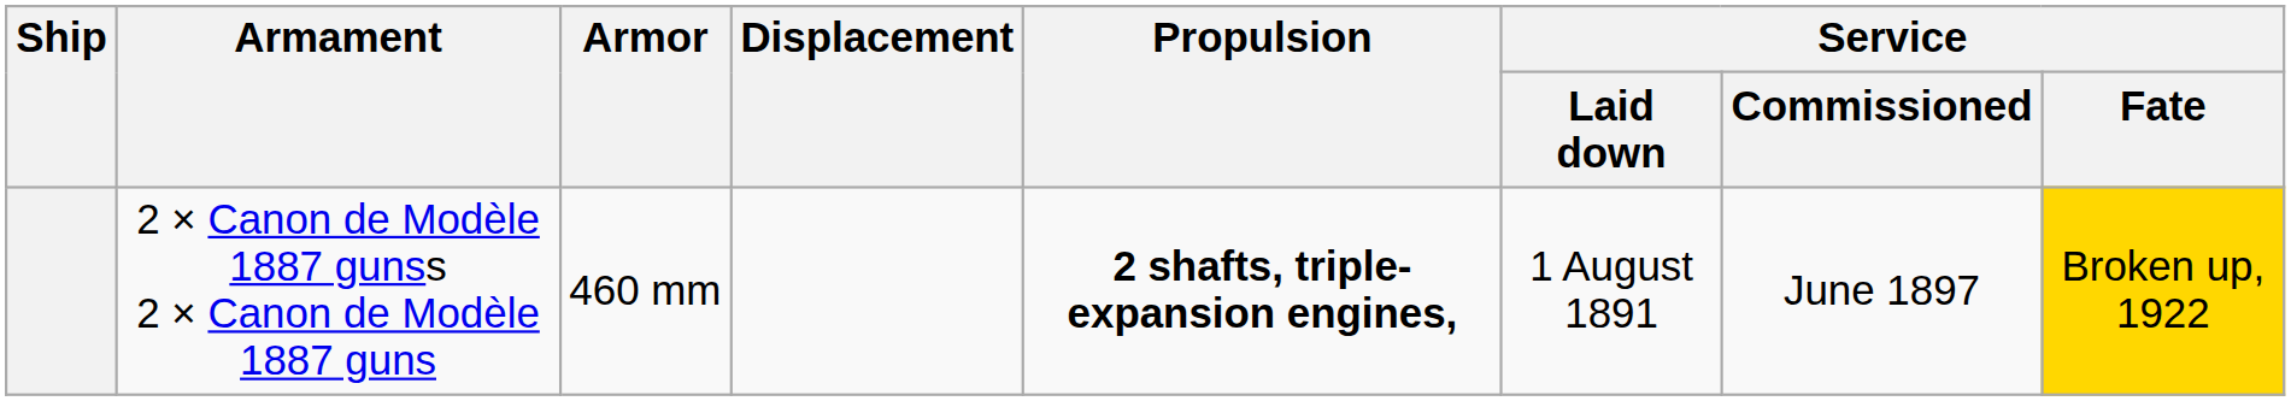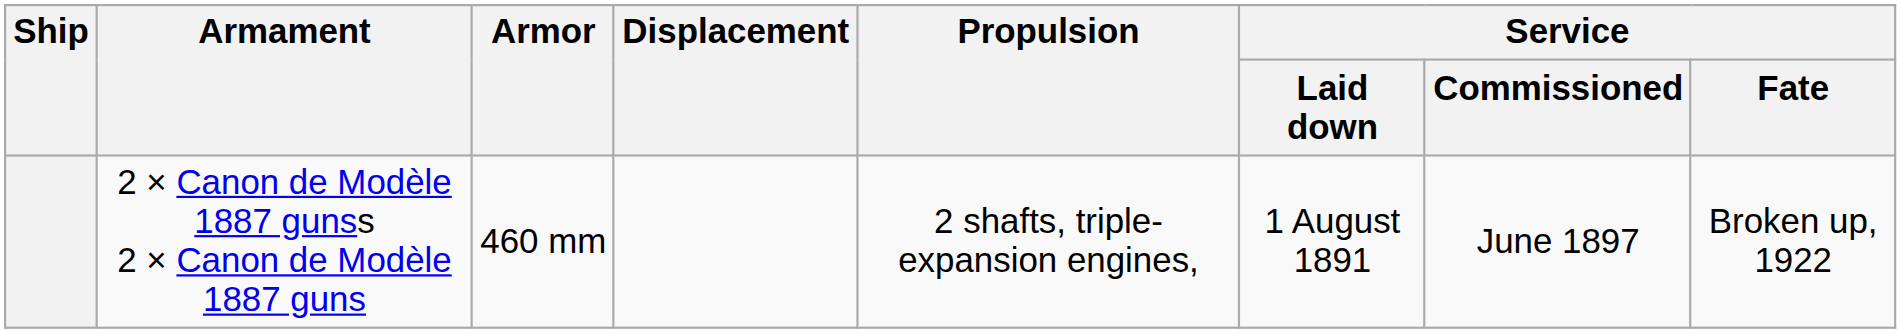 <table class="wikitable plainrowheaders" style="text-align: center;">
 <tr valign="top">
 <th scope="col" rowspan="2">Ship</th>
 <th scope="col" rowspan="2">Armament</th>
 <th scope="col" rowspan="2">Armor</th>
 <th scope="col" rowspan="2">Displacement</th>
 <th scope="col" rowspan="2">Propulsion</th>
 <th scope="col" colspan="3">Service</th>
 </tr>
 <tr valign="top">
 <th scope="col">Laid down</th>
 <th scope="col">Commissioned</th>
 <th scope="col">Fate</th>
 </tr>
 <tr valign="center">
 <th scope="row"></th>
 <td>2 × <a href='#'>Canon de  Modèle 1887 guns</a>s<br>2 × <a href='#'>Canon de  Modèle 1887 guns</a></td>
 <td>460 mm</td>
 <td></td>
-<td><strong>2 shafts, triple-expansion engines, </strong></td>
+<td>2 shafts, triple-expansion engines, </td>
 <td>1 August 1891</td>
 <td>June 1897</td>
-<td style="background: gold;">Broken up, 1922</td>
+<td>Broken up, 1922</td>
 </tr>
 </table>
